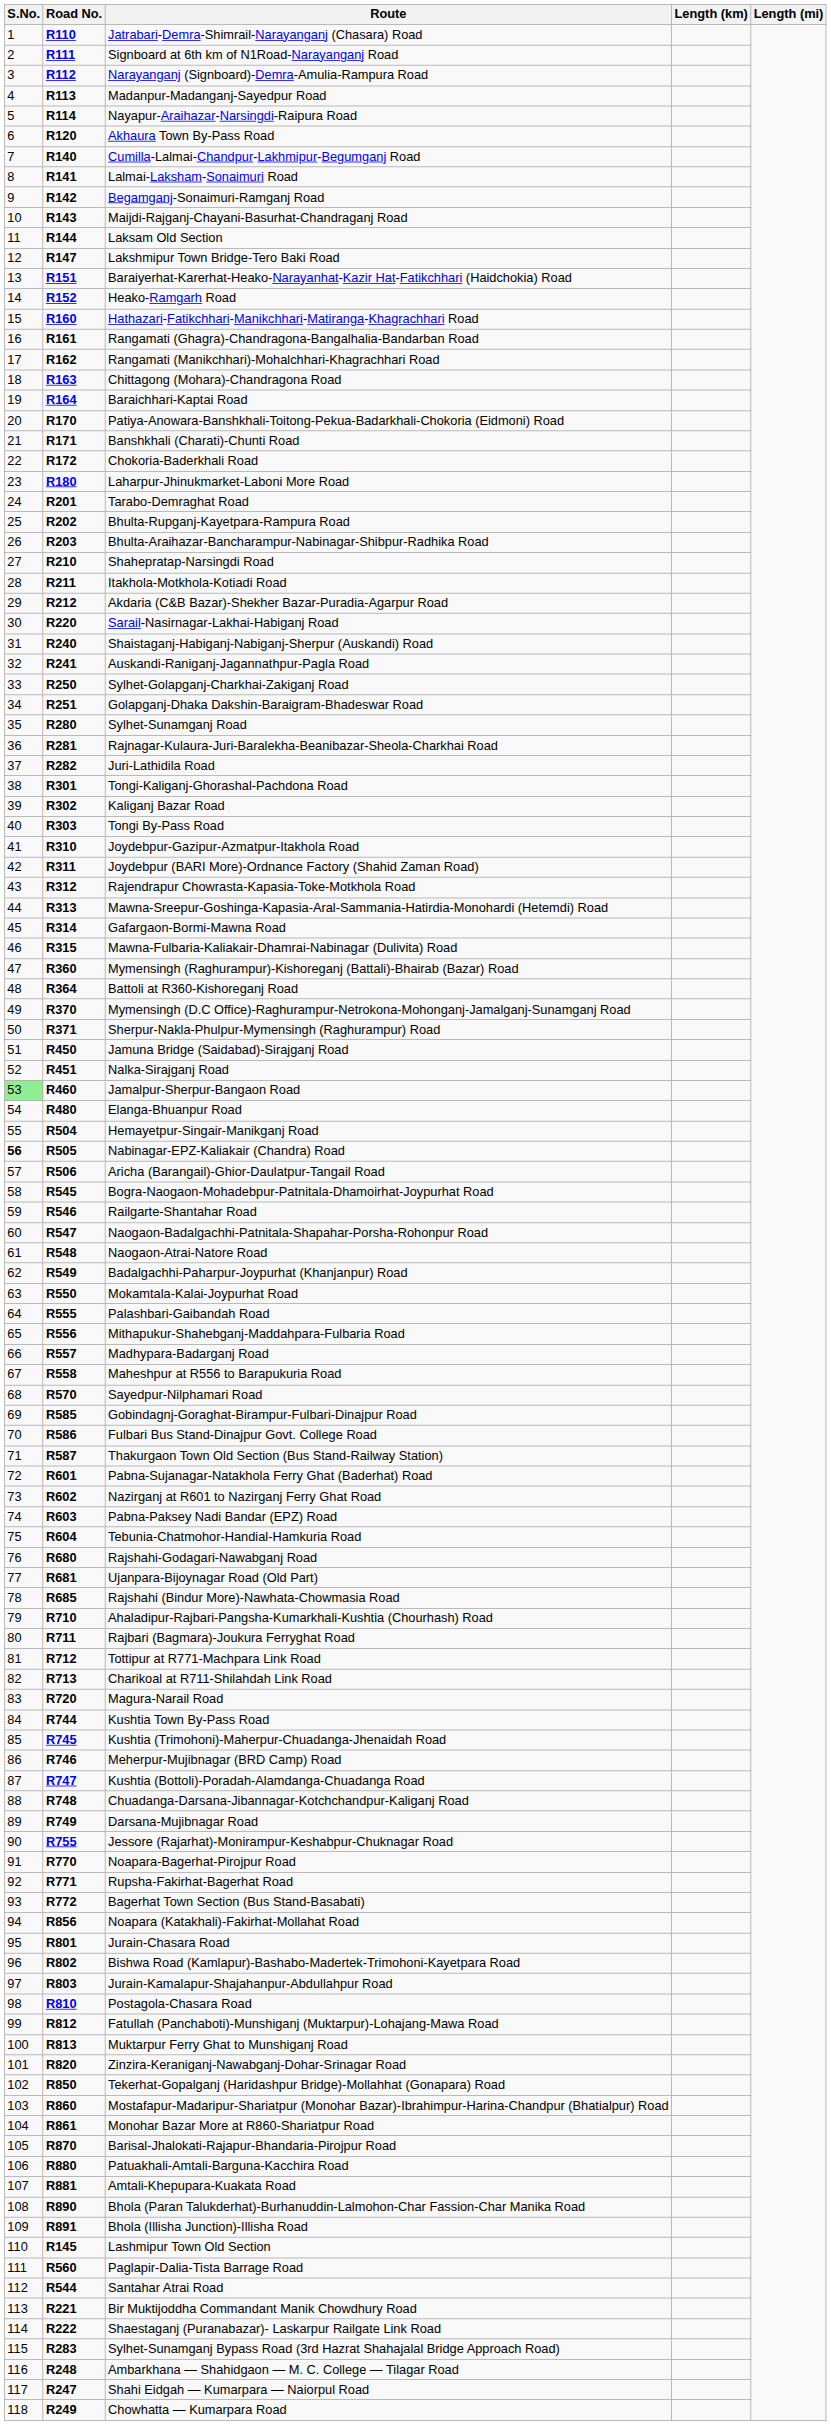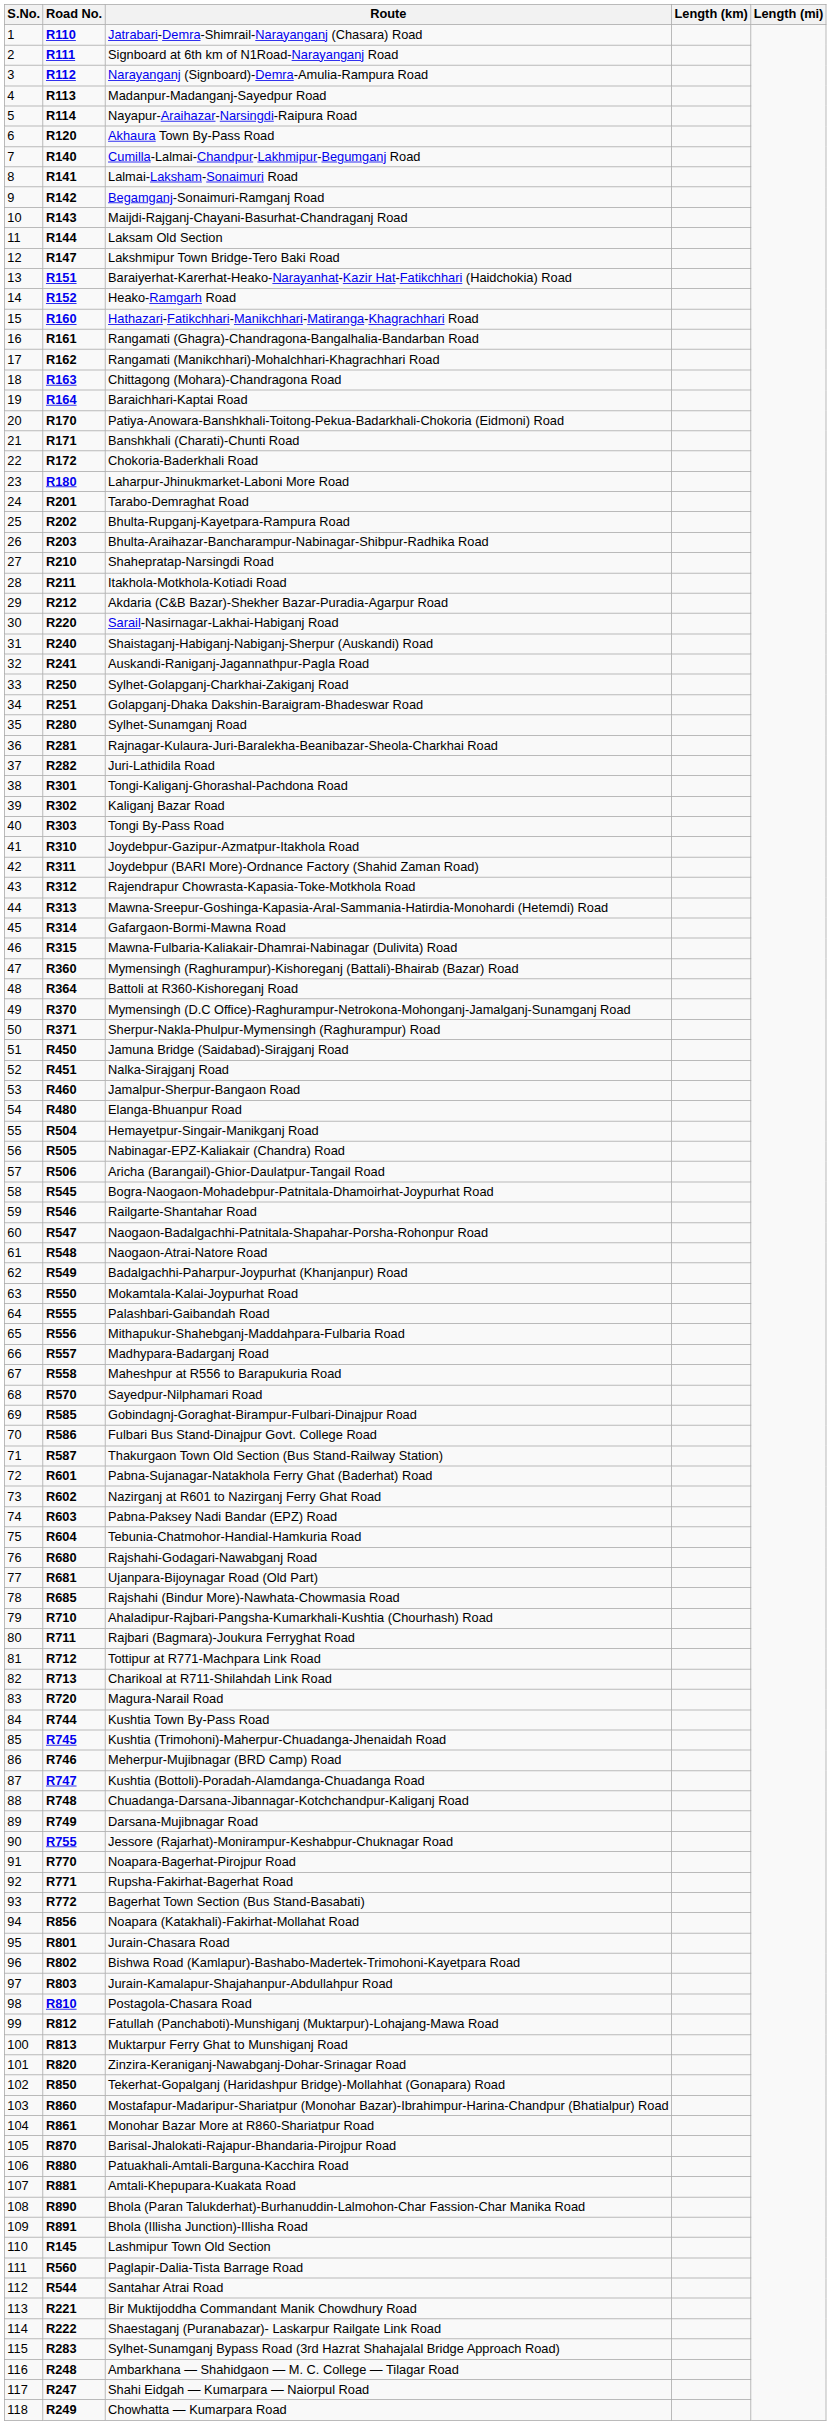 <table class="wikitable sortable">
 <tr>
 <th>S.No.</th>
 <th>Road No.</th>
 <th>Route</th>
 <th>Length (km)</th>
 <th>Length (mi)</th>
 </tr>
 <tr>
 <td>1</td>
 <td><strong><a href='#'>R110</a></strong></td>
 <td><a href='#'>Jatrabari</a>-<a href='#'>Demra</a>-Shimrail-<a href='#'>Narayanganj</a> (Chasara) Road</td>
 <td></td>
 </tr>
 <tr>
 <td>2</td>
 <td><strong><a href='#'>R111</a></strong></td>
 <td>Signboard at 6th km of N1Road-<a href='#'>Narayanganj</a> Road</td>
 <td></td>
 </tr>
 <tr>
 <td>3</td>
 <td><strong><a href='#'>R112</a></strong></td>
 <td><a href='#'>Narayanganj</a> (Signboard)-<a href='#'>Demra</a>-Amulia-Rampura Road</td>
 <td></td>
 </tr>
 <tr>
 <td>4</td>
 <td><strong>R113</strong></td>
 <td>Madanpur-Madanganj-Sayedpur Road</td>
 <td></td>
 </tr>
 <tr>
 <td>5</td>
 <td><strong>R114</strong></td>
 <td>Nayapur-<a href='#'>Araihazar</a>-<a href='#'>Narsingdi</a>-Raipura Road</td>
 <td></td>
 </tr>
 <tr>
 <td>6</td>
 <td><strong>R120</strong></td>
 <td><a href='#'>Akhaura</a> Town By-Pass Road</td>
 <td></td>
 </tr>
 <tr>
 <td>7</td>
 <td><strong>R140</strong></td>
 <td><a href='#'>Cumilla</a>-Lalmai-<a href='#'>Chandpur</a>-<a href='#'>Lakhmipur</a>-<a href='#'>Begumganj</a> Road</td>
 <td></td>
 </tr>
 <tr>
 <td>8</td>
 <td><strong>R141</strong></td>
 <td>Lalmai-<a href='#'>Laksham</a>-<a href='#'>Sonaimuri</a> Road</td>
 <td></td>
 </tr>
 <tr>
 <td>9</td>
 <td><strong>R142</strong></td>
 <td><a href='#'>Begamganj</a>-Sonaimuri-Ramganj Road</td>
 <td></td>
 </tr>
 <tr>
 <td>10</td>
 <td><strong>R143</strong></td>
 <td>Maijdi-Rajganj-Chayani-Basurhat-Chandraganj Road</td>
 <td></td>
 </tr>
 <tr>
 <td>11</td>
 <td><strong>R144</strong></td>
 <td>Laksam Old Section</td>
 <td></td>
 </tr>
 <tr>
 <td>12</td>
 <td><strong>R147</strong></td>
 <td>Lakshmipur Town Bridge-Tero Baki Road</td>
 <td></td>
 </tr>
 <tr>
 <td>13</td>
 <td><strong><a href='#'>R151</a></strong></td>
 <td>Baraiyerhat-Karerhat-Heako-<a href='#'>Narayanhat</a>-<a href='#'>Kazir Hat</a>-<a href='#'>Fatikchhari</a> (Haidchokia) Road</td>
 <td></td>
 </tr>
 <tr>
 <td>14</td>
 <td><strong><a href='#'>R152</a></strong></td>
 <td>Heako-<a href='#'>Ramgarh</a> Road</td>
 <td></td>
 </tr>
 <tr>
 <td>15</td>
 <td><strong><a href='#'>R160</a></strong></td>
 <td><a href='#'>Hathazari</a>-<a href='#'>Fatikchhari</a>-<a href='#'>Manikchhari</a>-<a href='#'>Matiranga</a>-<a href='#'>Khagrachhari</a> Road</td>
 <td></td>
 </tr>
 <tr>
 <td>16</td>
 <td><strong>R161</strong></td>
 <td>Rangamati (Ghagra)-Chandragona-Bangalhalia-Bandarban Road</td>
 <td></td>
 </tr>
 <tr>
 <td>17</td>
 <td><strong>R162</strong></td>
 <td>Rangamati (Manikchhari)-Mohalchhari-Khagrachhari Road</td>
 <td></td>
 </tr>
 <tr>
 <td>18</td>
 <td><strong><a href='#'>R163</a></strong></td>
 <td>Chittagong (Mohara)-Chandragona Road</td>
 <td></td>
 </tr>
 <tr>
 <td>19</td>
 <td><strong><a href='#'>R164</a></strong></td>
 <td>Baraichhari-Kaptai Road</td>
 <td></td>
 </tr>
 <tr>
 <td>20</td>
 <td><strong>R170</strong></td>
 <td>Patiya-Anowara-Banshkhali-Toitong-Pekua-Badarkhali-Chokoria (Eidmoni) Road</td>
 <td></td>
 </tr>
 <tr>
 <td>21</td>
 <td><strong>R171</strong></td>
 <td>Banshkhali (Charati)-Chunti Road</td>
 <td></td>
 </tr>
 <tr>
 <td>22</td>
 <td><strong>R172</strong></td>
 <td>Chokoria-Baderkhali Road</td>
 <td></td>
 </tr>
 <tr>
 <td>23</td>
 <td><strong><a href='#'>R180</a></strong></td>
 <td>Laharpur-Jhinukmarket-Laboni More Road</td>
 <td></td>
 </tr>
 <tr>
 <td>24</td>
 <td><strong>R201</strong></td>
 <td>Tarabo-Demraghat Road</td>
 <td></td>
 </tr>
 <tr>
 <td>25</td>
 <td><strong>R202</strong></td>
 <td>Bhulta-Rupganj-Kayetpara-Rampura Road</td>
 <td></td>
 </tr>
 <tr>
 <td>26</td>
 <td><strong>R203</strong></td>
 <td>Bhulta-Araihazar-Bancharampur-Nabinagar-Shibpur-Radhika Road</td>
 <td></td>
 </tr>
 <tr>
 <td>27</td>
 <td><strong>R210</strong></td>
 <td>Shahepratap-Narsingdi Road</td>
 <td></td>
 </tr>
 <tr>
 <td>28</td>
 <td><strong>R211</strong></td>
 <td>Itakhola-Motkhola-Kotiadi Road</td>
 <td></td>
 </tr>
 <tr>
 <td>29</td>
 <td><strong>R212</strong></td>
 <td>Akdaria (C&B Bazar)-Shekher Bazar-Puradia-Agarpur Road</td>
 <td></td>
 </tr>
 <tr>
 <td>30</td>
 <td><strong>R220</strong></td>
 <td><a href='#'>Sarail</a>-Nasirnagar-Lakhai-Habiganj Road</td>
 <td></td>
 </tr>
 <tr>
 <td>31</td>
 <td><strong>R240</strong></td>
 <td>Shaistaganj-Habiganj-Nabiganj-Sherpur (Auskandi) Road</td>
 <td></td>
 </tr>
 <tr>
 <td>32</td>
 <td><strong>R241</strong></td>
 <td>Auskandi-Raniganj-Jagannathpur-Pagla Road</td>
 <td></td>
 </tr>
 <tr>
 <td>33</td>
 <td><strong>R250</strong></td>
 <td>Sylhet-Golapganj-Charkhai-Zakiganj Road</td>
 <td></td>
 </tr>
 <tr>
 <td>34</td>
 <td><strong>R251</strong></td>
 <td>Golapganj-Dhaka Dakshin-Baraigram-Bhadeswar Road</td>
 <td></td>
 </tr>
 <tr>
 <td>35</td>
 <td><strong>R280</strong></td>
 <td>Sylhet-Sunamganj Road</td>
 <td></td>
 </tr>
 <tr>
 <td>36</td>
 <td><strong>R281</strong></td>
 <td>Rajnagar-Kulaura-Juri-Baralekha-Beanibazar-Sheola-Charkhai Road</td>
 <td></td>
 </tr>
 <tr>
 <td>37</td>
 <td><strong>R282</strong></td>
 <td>Juri-Lathidila Road</td>
 <td></td>
 </tr>
 <tr>
 <td>38</td>
 <td><strong>R301</strong></td>
 <td>Tongi-Kaliganj-Ghorashal-Pachdona Road</td>
 <td></td>
 </tr>
 <tr>
 <td>39</td>
 <td><strong>R302</strong></td>
 <td>Kaliganj Bazar Road</td>
 <td></td>
 </tr>
 <tr>
 <td>40</td>
 <td><strong>R303</strong></td>
 <td>Tongi By-Pass Road</td>
 <td></td>
 </tr>
 <tr>
 <td>41</td>
 <td><strong>R310</strong></td>
 <td>Joydebpur-Gazipur-Azmatpur-Itakhola Road</td>
 <td></td>
 </tr>
 <tr>
 <td>42</td>
 <td><strong>R311</strong></td>
 <td>Joydebpur (BARI More)-Ordnance Factory (Shahid Zaman Road)</td>
 <td></td>
 </tr>
 <tr>
 <td>43</td>
 <td><strong>R312</strong></td>
 <td>Rajendrapur Chowrasta-Kapasia-Toke-Motkhola Road</td>
 <td></td>
 </tr>
 <tr>
 <td>44</td>
 <td><strong>R313</strong></td>
 <td>Mawna-Sreepur-Goshinga-Kapasia-Aral-Sammania-Hatirdia-Monohardi (Hetemdi) Road</td>
 <td></td>
 </tr>
 <tr>
 <td>45</td>
 <td><strong>R314</strong></td>
 <td>Gafargaon-Bormi-Mawna Road</td>
 <td></td>
 </tr>
 <tr>
 <td>46</td>
 <td><strong>R315</strong></td>
 <td>Mawna-Fulbaria-Kaliakair-Dhamrai-Nabinagar (Dulivita) Road</td>
 <td></td>
 </tr>
 <tr>
 <td>47</td>
 <td><strong>R360</strong></td>
 <td>Mymensingh (Raghurampur)-Kishoreganj (Battali)-Bhairab (Bazar) Road</td>
 <td></td>
 </tr>
 <tr>
 <td>48</td>
 <td><strong>R364</strong></td>
 <td>Battoli at R360-Kishoreganj Road</td>
 <td></td>
 </tr>
 <tr>
 <td>49</td>
 <td><strong>R370</strong></td>
 <td>Mymensingh (D.C Office)-Raghurampur-Netrokona-Mohonganj-Jamalganj-Sunamganj Road</td>
 <td></td>
 </tr>
 <tr>
 <td>50</td>
 <td><strong>R371</strong></td>
 <td>Sherpur-Nakla-Phulpur-Mymensingh (Raghurampur) Road</td>
 <td></td>
 </tr>
 <tr>
 <td>51</td>
 <td><strong>R450</strong></td>
 <td>Jamuna Bridge (Saidabad)-Sirajganj Road</td>
 <td></td>
 </tr>
 <tr>
 <td>52</td>
 <td><strong>R451</strong></td>
 <td>Nalka-Sirajganj Road</td>
 <td></td>
 </tr>
 <tr>
-<td style="background: lightgreen;">53</td>
+<td>53</td>
 <td><strong>R460</strong></td>
 <td>Jamalpur-Sherpur-Bangaon Road</td>
 <td></td>
 </tr>
 <tr>
 <td>54</td>
 <td><strong>R480</strong></td>
 <td>Elanga-Bhuanpur Road</td>
 <td></td>
 </tr>
 <tr>
 <td>55</td>
 <td><strong>R504</strong></td>
 <td>Hemayetpur-Singair-Manikganj Road</td>
 <td></td>
 </tr>
 <tr>
-<td><strong>56</strong></td>
+<td>56</td>
 <td><strong>R505</strong></td>
 <td>Nabinagar-EPZ-Kaliakair (Chandra) Road</td>
 <td></td>
 </tr>
 <tr>
 <td>57</td>
 <td><strong>R506</strong></td>
 <td>Aricha (Barangail)-Ghior-Daulatpur-Tangail Road</td>
 <td></td>
 </tr>
 <tr>
 <td>58</td>
 <td><strong>R545</strong></td>
 <td>Bogra-Naogaon-Mohadebpur-Patnitala-Dhamoirhat-Joypurhat Road</td>
 <td></td>
 </tr>
 <tr>
 <td>59</td>
 <td><strong>R546</strong></td>
 <td>Railgarte-Shantahar Road</td>
 <td></td>
 </tr>
 <tr>
 <td>60</td>
 <td><strong>R547</strong></td>
 <td>Naogaon-Badalgachhi-Patnitala-Shapahar-Porsha-Rohonpur Road</td>
 <td></td>
 </tr>
 <tr>
 <td>61</td>
 <td><strong>R548</strong></td>
 <td>Naogaon-Atrai-Natore Road</td>
 <td></td>
 </tr>
 <tr>
 <td>62</td>
 <td><strong>R549</strong></td>
 <td>Badalgachhi-Paharpur-Joypurhat (Khanjanpur) Road</td>
 <td></td>
 </tr>
 <tr>
 <td>63</td>
 <td><strong>R550</strong></td>
 <td>Mokamtala-Kalai-Joypurhat Road</td>
 <td></td>
 </tr>
 <tr>
 <td>64</td>
 <td><strong>R555</strong></td>
 <td>Palashbari-Gaibandah Road</td>
 <td></td>
 </tr>
 <tr>
 <td>65</td>
 <td><strong>R556</strong></td>
 <td>Mithapukur-Shahebganj-Maddahpara-Fulbaria Road</td>
 <td></td>
 </tr>
 <tr>
 <td>66</td>
 <td><strong>R557</strong></td>
 <td>Madhypara-Badarganj Road</td>
 <td></td>
 </tr>
 <tr>
 <td>67</td>
 <td><strong>R558</strong></td>
 <td>Maheshpur at R556 to Barapukuria Road</td>
 <td></td>
 </tr>
 <tr>
 <td>68</td>
 <td><strong>R570</strong></td>
 <td>Sayedpur-Nilphamari Road</td>
 <td></td>
 </tr>
 <tr>
 <td>69</td>
 <td><strong>R585</strong></td>
 <td>Gobindagnj-Goraghat-Birampur-Fulbari-Dinajpur Road</td>
 <td></td>
 </tr>
 <tr>
 <td>70</td>
 <td><strong>R586</strong></td>
 <td>Fulbari Bus Stand-Dinajpur Govt. College Road</td>
 <td></td>
 </tr>
 <tr>
 <td>71</td>
 <td><strong>R587</strong></td>
 <td>Thakurgaon Town Old Section (Bus Stand-Railway Station)</td>
 <td></td>
 </tr>
 <tr>
 <td>72</td>
 <td><strong>R601</strong></td>
 <td>Pabna-Sujanagar-Natakhola Ferry Ghat (Baderhat) Road</td>
 <td></td>
 </tr>
 <tr>
 <td>73</td>
 <td><strong>R602</strong></td>
 <td>Nazirganj at R601 to Nazirganj Ferry Ghat Road</td>
 <td></td>
 </tr>
 <tr>
 <td>74</td>
 <td><strong>R603</strong></td>
 <td>Pabna-Paksey Nadi Bandar (EPZ) Road</td>
 <td></td>
 </tr>
 <tr>
 <td>75</td>
 <td><strong>R604</strong></td>
 <td>Tebunia-Chatmohor-Handial-Hamkuria Road</td>
 <td></td>
 </tr>
 <tr>
 <td>76</td>
 <td><strong>R680</strong></td>
 <td>Rajshahi-Godagari-Nawabganj Road</td>
 <td></td>
 </tr>
 <tr>
 <td>77</td>
 <td><strong>R681</strong></td>
 <td>Ujanpara-Bijoynagar Road (Old Part)</td>
 <td></td>
 </tr>
 <tr>
 <td>78</td>
 <td><strong>R685</strong></td>
 <td>Rajshahi (Bindur More)-Nawhata-Chowmasia Road</td>
 <td></td>
 </tr>
 <tr>
 <td>79</td>
 <td><strong>R710</strong></td>
 <td>Ahaladipur-Rajbari-Pangsha-Kumarkhali-Kushtia (Chourhash) Road</td>
 <td></td>
 </tr>
 <tr>
 <td>80</td>
 <td><strong>R711</strong></td>
 <td>Rajbari (Bagmara)-Joukura Ferryghat Road</td>
 <td></td>
 </tr>
 <tr>
 <td>81</td>
 <td><strong>R712</strong></td>
 <td>Tottipur at R771-Machpara Link Road</td>
 <td></td>
 </tr>
 <tr>
 <td>82</td>
 <td><strong>R713</strong></td>
 <td>Charikoal at R711-Shilahdah Link Road</td>
 <td></td>
 </tr>
 <tr>
 <td>83</td>
 <td><strong>R720</strong></td>
 <td>Magura-Narail Road</td>
 <td></td>
 </tr>
 <tr>
 <td>84</td>
 <td><strong>R744</strong></td>
 <td>Kushtia Town By-Pass Road</td>
 <td></td>
 </tr>
 <tr>
 <td>85</td>
 <td><strong><a href='#'>R745</a></strong></td>
 <td>Kushtia (Trimohoni)-Maherpur-Chuadanga-Jhenaidah Road</td>
 <td></td>
 </tr>
 <tr>
 <td>86</td>
 <td><strong>R746</strong></td>
 <td>Meherpur-Mujibnagar (BRD Camp) Road</td>
 <td></td>
 </tr>
 <tr>
 <td>87</td>
 <td><strong><a href='#'>R747</a></strong></td>
 <td>Kushtia (Bottoli)-Poradah-Alamdanga-Chuadanga Road</td>
 <td></td>
 </tr>
 <tr>
 <td>88</td>
 <td><strong>R748</strong></td>
 <td>Chuadanga-Darsana-Jibannagar-Kotchchandpur-Kaliganj Road</td>
 <td></td>
 </tr>
 <tr>
 <td>89</td>
 <td><strong>R749</strong></td>
 <td>Darsana-Mujibnagar Road</td>
 <td></td>
 </tr>
 <tr>
 <td>90</td>
 <td><strong><a href='#'>R755</a></strong></td>
 <td>Jessore (Rajarhat)-Monirampur-Keshabpur-Chuknagar Road</td>
 <td></td>
 </tr>
 <tr>
 <td>91</td>
 <td><strong>R770</strong></td>
 <td>Noapara-Bagerhat-Pirojpur Road</td>
 <td></td>
 </tr>
 <tr>
 <td>92</td>
 <td><strong>R771</strong></td>
 <td>Rupsha-Fakirhat-Bagerhat Road</td>
 <td></td>
 </tr>
 <tr>
 <td>93</td>
 <td><strong>R772</strong></td>
 <td>Bagerhat Town Section (Bus Stand-Basabati)</td>
 <td></td>
 </tr>
 <tr>
 <td>94</td>
 <td><strong>R856</strong></td>
 <td>Noapara (Katakhali)-Fakirhat-Mollahat Road</td>
 <td></td>
 </tr>
 <tr>
 <td>95</td>
 <td><strong>R801</strong></td>
 <td>Jurain-Chasara Road</td>
 <td></td>
 </tr>
 <tr>
 <td>96</td>
 <td><strong>R802</strong></td>
 <td>Bishwa Road (Kamlapur)-Bashabo-Madertek-Trimohoni-Kayetpara Road</td>
 <td></td>
 </tr>
 <tr>
 <td>97</td>
 <td><strong>R803</strong></td>
 <td>Jurain-Kamalapur-Shajahanpur-Abdullahpur Road</td>
 <td></td>
 </tr>
 <tr>
 <td>98</td>
 <td><strong><a href='#'>R810</a></strong></td>
 <td>Postagola-Chasara Road</td>
 <td></td>
 </tr>
 <tr>
 <td>99</td>
 <td><strong>R812</strong></td>
 <td>Fatullah (Panchaboti)-Munshiganj (Muktarpur)-Lohajang-Mawa Road</td>
 <td></td>
 </tr>
 <tr>
 <td>100</td>
 <td><strong>R813</strong></td>
 <td>Muktarpur Ferry Ghat to Munshiganj Road</td>
 <td></td>
 </tr>
 <tr>
 <td>101</td>
 <td><strong>R820</strong></td>
 <td>Zinzira-Keraniganj-Nawabganj-Dohar-Srinagar Road</td>
 <td></td>
 </tr>
 <tr>
 <td>102</td>
 <td><strong>R850</strong></td>
 <td>Tekerhat-Gopalganj (Haridashpur Bridge)-Mollahhat (Gonapara) Road</td>
 <td></td>
 </tr>
 <tr>
 <td>103</td>
 <td><strong>R860</strong></td>
 <td>Mostafapur-Madaripur-Shariatpur (Monohar Bazar)-Ibrahimpur-Harina-Chandpur (Bhatialpur) Road</td>
 <td></td>
 </tr>
 <tr>
 <td>104</td>
 <td><strong>R861</strong></td>
 <td>Monohar Bazar More at R860-Shariatpur Road</td>
 <td></td>
 </tr>
 <tr>
 <td>105</td>
 <td><strong>R870</strong></td>
 <td>Barisal-Jhalokati-Rajapur-Bhandaria-Pirojpur Road</td>
 <td></td>
 </tr>
 <tr>
 <td>106</td>
 <td><strong>R880</strong></td>
 <td>Patuakhali-Amtali-Barguna-Kacchira Road</td>
 <td></td>
 </tr>
 <tr>
 <td>107</td>
 <td><strong>R881</strong></td>
 <td>Amtali-Khepupara-Kuakata Road</td>
 <td></td>
 </tr>
 <tr>
 <td>108</td>
 <td><strong>R890</strong></td>
 <td>Bhola (Paran Talukderhat)-Burhanuddin-Lalmohon-Char Fassion-Char Manika Road</td>
 <td></td>
 </tr>
 <tr>
 <td>109</td>
 <td><strong>R891</strong></td>
 <td>Bhola (Illisha Junction)-Illisha Road</td>
 <td></td>
 </tr>
 <tr>
 <td>110</td>
 <td><strong>R145</strong></td>
 <td>Lashmipur Town Old Section</td>
 <td></td>
 </tr>
 <tr>
 <td>111</td>
 <td><strong>R560</strong></td>
 <td>Paglapir-Dalia-Tista Barrage Road</td>
 <td></td>
 </tr>
 <tr>
 <td>112</td>
 <td><strong>R544</strong></td>
 <td>Santahar Atrai Road</td>
 <td></td>
 </tr>
 <tr>
 <td>113</td>
 <td><strong>R221</strong></td>
 <td>Bir Muktijoddha Commandant Manik Chowdhury Road</td>
 <td></td>
 </tr>
 <tr>
 <td>114</td>
 <td><strong>R222</strong></td>
 <td>Shaestaganj (Puranabazar)- Laskarpur Railgate Link Road</td>
 <td></td>
 </tr>
 <tr>
 <td>115</td>
 <td><strong>R283</strong></td>
 <td>Sylhet-Sunamganj Bypass Road (3rd Hazrat Shahajalal Bridge Approach Road)</td>
 <td></td>
 </tr>
 <tr>
 <td>116</td>
 <td><strong>R248</strong></td>
 <td>Ambarkhana — Shahidgaon — M. C. College — Tilagar Road</td>
 <td></td>
 </tr>
 <tr>
 <td>117</td>
 <td><strong>R247</strong></td>
 <td>Shahi Eidgah — Kumarpara — Naiorpul Road</td>
 <td></td>
 </tr>
 <tr>
 <td>118</td>
 <td><strong>R249</strong></td>
 <td>Chowhatta — Kumarpara Road</td>
 <td></td>
 </tr>
 </table>
